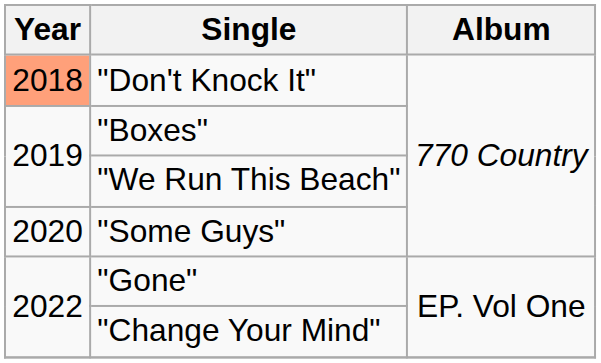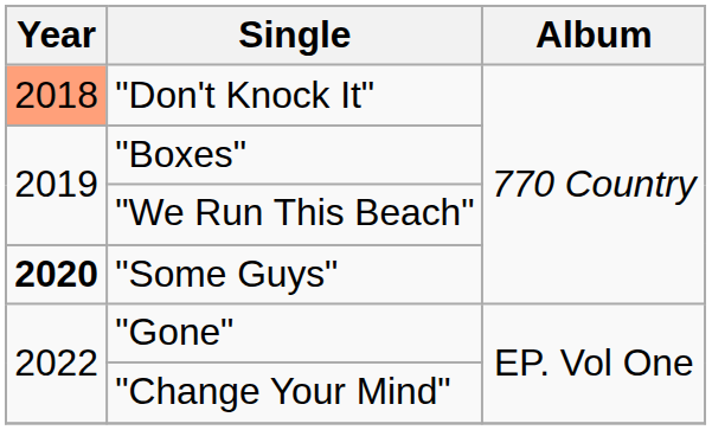 <table class="wikitable plainrowheaders" style="text-align:center;">
 <tr>
 <th>Year</th>
 <th>Single</th>
 <th>Album</th>
 </tr>
 <tr>
 <td style="background: lightsalmon;">2018</td>
 <td align=left>"Don't Knock It"</td>
 <td rowspan=4><em>770 Country</em></td>
 </tr>
 <tr>
 <td rowspan="2">2019</td>
 <td align=left>"Boxes"</td>
 </tr>
 <tr>
 <td align=left>"We Run This Beach"</td>
 </tr>
 <tr>
-<td>2020</td>
+<td><strong>2020</strong></td>
 <td align=left>"Some Guys"</td>
 </tr>
 <tr>
 <td rowspan="2">2022</td>
 <td align=left>"Gone"</td>
 <td rowspan=2>EP. Vol One</td>
 </tr>
 <tr>
 <td align=left>"Change Your Mind"</td>
 </tr>
 <tr>
 </tr>
 </table>
